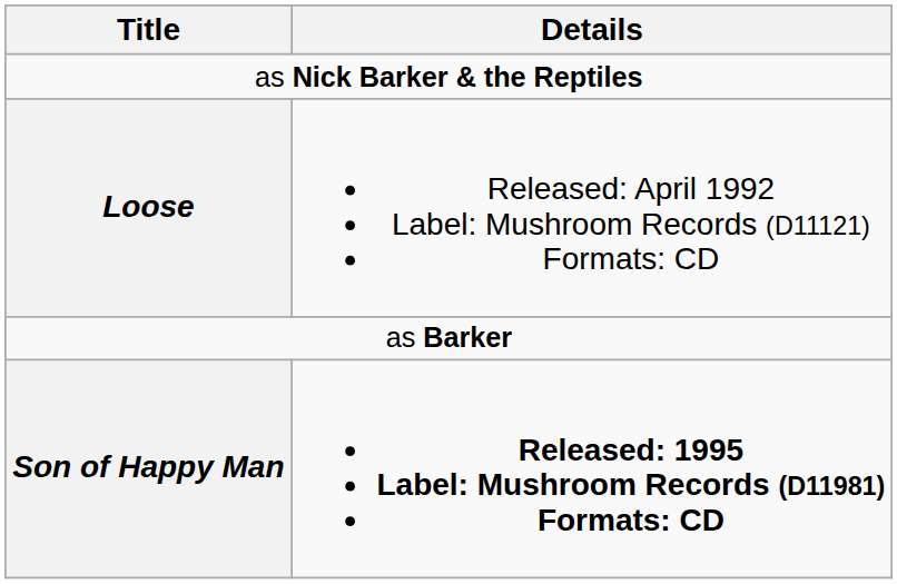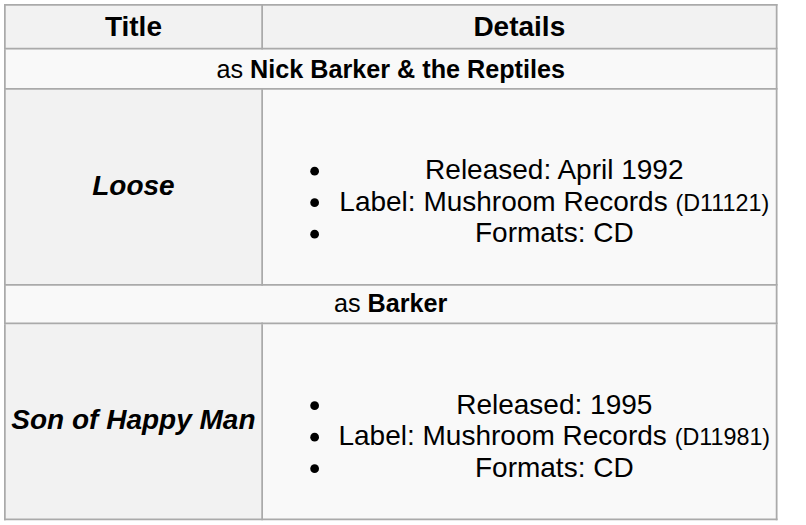 <table class="wikitable plainrowheaders" style="text-align:center;">
 <tr>
 <th>Title</th>
 <th>Details</th>
 </tr>
 <tr>
 <td colspan="13" style="font-size:90%">as <strong>Nick Barker & the Reptiles</strong></td>
 </tr>
 <tr>
 <th scope="row"><em>Loose</em></th>
 <td><br><ul><li>Released: April 1992</li><li>Label: Mushroom Records <small>(D11121)</small></li><li>Formats: CD</li></ul></td>
 </tr>
 <tr>
 <td colspan="13" style="font-size:90%">as <strong>Barker</strong></td>
 </tr>
 <tr>
 <th scope="row"><em>Son of Happy Man</em></th>
-<td><strong><br><ul><li>Released: 1995</li><li>Label: Mushroom Records <small>(D11981)</small></li><li>Formats: CD</li></ul></strong></td>
+<td><br><ul><li>Released: 1995</li><li>Label: Mushroom Records <small>(D11981)</small></li><li>Formats: CD</li></ul></td>
 </tr>
 </table>
